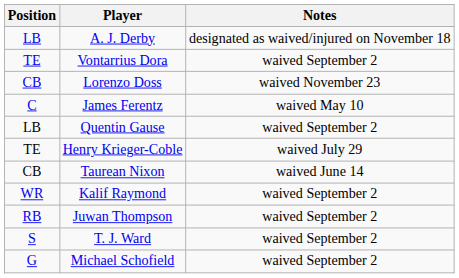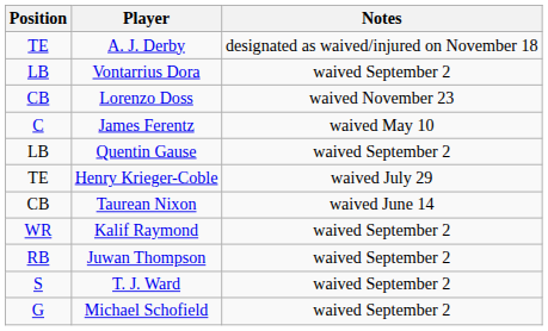 <table class="wikitable" style="text-align:center">
 <tr>
 <th>Position</th>
 <th>Player</th>
 <th>Notes</th>
 </tr>
 <tr>
-<td><a href='#'>LB</a></td>
+<td><a href='#'>TE</a></td>
 <td><a href='#'>A. J. Derby</a></td>
 <td>designated as waived/injured on November 18</td>
 </tr>
 <tr>
-<td><a href='#'>TE</a></td>
+<td><a href='#'>LB</a></td>
 <td><a href='#'>Vontarrius Dora</a></td>
 <td>waived September 2</td>
 </tr>
 <tr>
 <td><a href='#'>CB</a></td>
 <td><a href='#'>Lorenzo Doss</a></td>
 <td>waived November 23</td>
 </tr>
 <tr>
 <td><a href='#'>C</a></td>
 <td><a href='#'>James Ferentz</a></td>
 <td>waived May 10</td>
 </tr>
 <tr>
 <td>LB</td>
 <td><a href='#'>Quentin Gause</a></td>
 <td>waived September 2</td>
 </tr>
 <tr>
 <td>TE</td>
 <td><a href='#'>Henry Krieger-Coble</a></td>
 <td>waived July 29</td>
 </tr>
 <tr>
 <td>CB</td>
 <td><a href='#'>Taurean Nixon</a></td>
 <td>waived June 14</td>
 </tr>
 <tr>
 <td><a href='#'>WR</a></td>
 <td><a href='#'>Kalif Raymond</a></td>
 <td>waived September 2</td>
 </tr>
 <tr>
 <td><a href='#'>RB</a></td>
 <td><a href='#'>Juwan Thompson</a></td>
 <td>waived September 2</td>
 </tr>
 <tr>
 <td><a href='#'>S</a></td>
 <td><a href='#'>T. J. Ward</a></td>
 <td>waived September 2</td>
 </tr>
 <tr>
 <td><a href='#'>G</a></td>
 <td><a href='#'>Michael Schofield</a></td>
 <td>waived September 2</td>
 </tr>
 </table>
